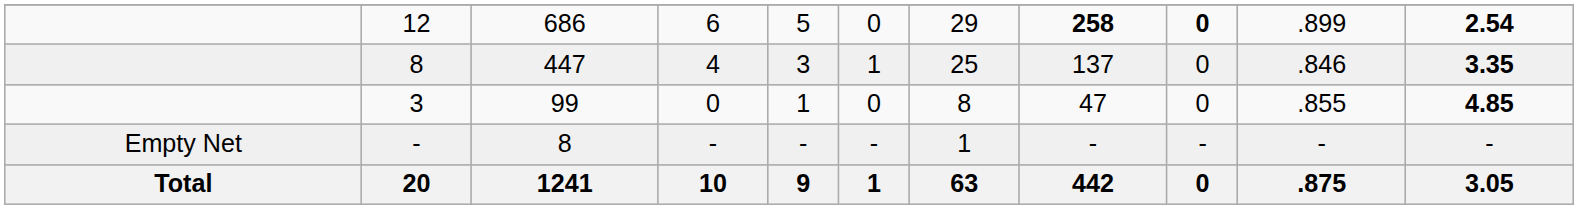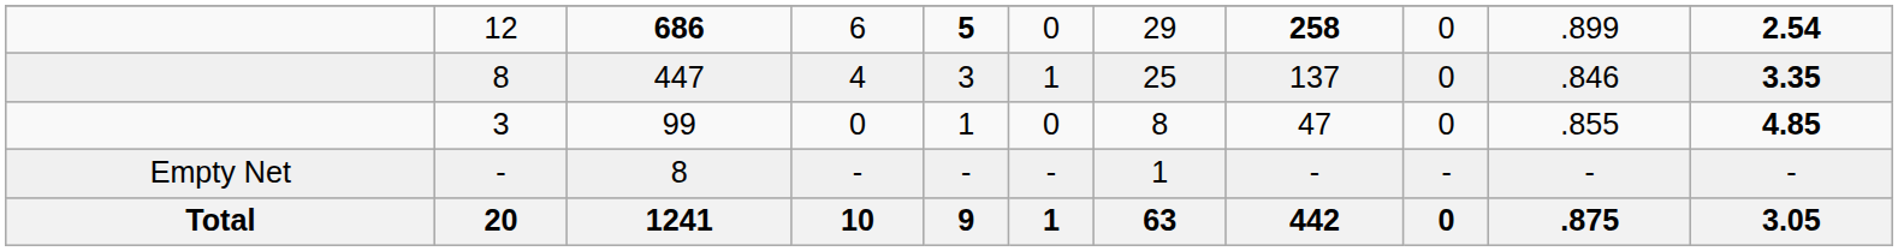 <table class="wikitable sortable" width ="1000">
 <tr align="center">
 </tr>
 <tr align="center" bgcolor="">
 <td></td>
 <td>12</td>
-<td>686</td>
+<td><strong>686</strong></td>
 <td>6</td>
-<td>5</td>
+<td><strong>5</strong></td>
 <td>0</td>
 <td>29</td>
 <td><strong>258</strong></td>
-<td><strong>0</strong></td>
+<td>0</td>
 <td>.899</td>
 <td><strong>2.54</strong></td>
 </tr>
 <tr align="center" bgcolor="f0f0f0">
 <td></td>
 <td>8</td>
 <td>447</td>
 <td>4</td>
 <td>3</td>
 <td>1</td>
 <td>25</td>
 <td>137</td>
 <td>0</td>
 <td>.846</td>
 <td><strong>3.35</strong></td>
 </tr>
 <tr align="center" bgcolor="">
 <td></td>
 <td>3</td>
 <td>99</td>
 <td>0</td>
 <td>1</td>
 <td>0</td>
 <td>8</td>
 <td>47</td>
 <td>0</td>
 <td>.855</td>
 <td><strong>4.85</strong></td>
 </tr>
 <tr align="center" bgcolor="f0f0f0">
 <td>Empty Net</td>
 <td>-</td>
 <td>8</td>
 <td>-</td>
 <td>-</td>
 <td>-</td>
 <td>1</td>
 <td>-</td>
 <td>-</td>
 <td>-</td>
 <td>-</td>
 </tr>
 <tr>
 <th>Total</th>
 <th>20</th>
 <th>1241</th>
 <th>10</th>
 <th>9</th>
 <th>1</th>
 <th>63</th>
 <th>442</th>
 <th>0</th>
 <th>.875</th>
 <th>3.05</th>
 </tr>
 </table>
